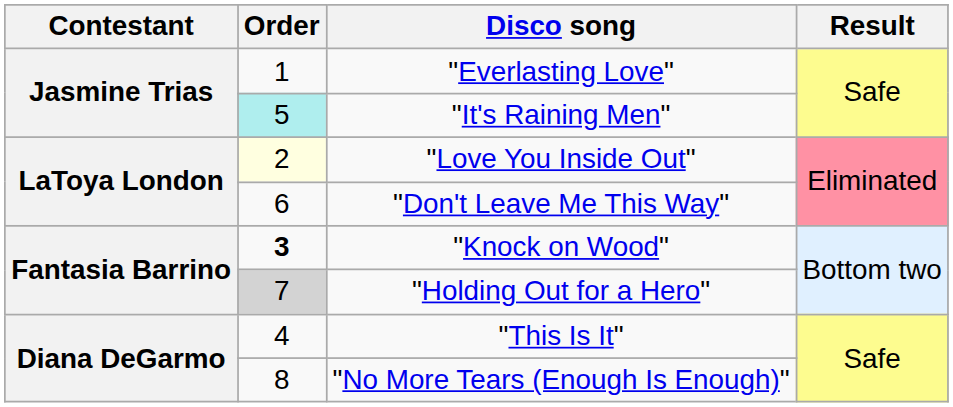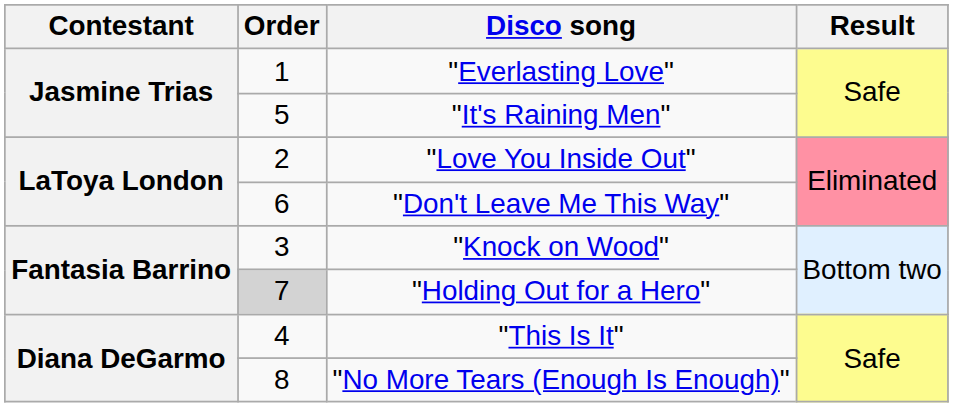 <table class="wikitable unsortable" style="text-align:center;">
 <tr>
 <th scope="col">Contestant</th>
 <th scope="col">Order</th>
 <th scope="col"><a href='#'>Disco</a> song</th>
 <th scope="col">Result</th>
 </tr>
 <tr>
 <th rowspan="2" scope="row">Jasmine Trias</th>
 <td>1</td>
 <td>"<a href='#'>Everlasting Love</a>"</td>
 <td rowspan="2" style="background:#FDFC8F;">Safe</td>
 </tr>
 <tr>
-<td style="background: paleturquoise;">5</td>
+<td>5</td>
 <td>"<a href='#'>It's Raining Men</a>"</td>
 </tr>
 <tr>
 <th rowspan="2" scope="row">LaToya London</th>
-<td style="background: lightyellow;">2</td>
+<td>2</td>
 <td>"<a href='#'>Love You Inside Out</a>"</td>
 <td rowspan="2" bgcolor="FF91A4">Eliminated</td>
 </tr>
 <tr>
 <td>6</td>
 <td>"<a href='#'>Don't Leave Me This Way</a>"</td>
 </tr>
 <tr>
 <th rowspan="2" scope="row">Fantasia Barrino</th>
-<td><strong>3</strong></td>
+<td>3</td>
 <td>"<a href='#'>Knock on Wood</a>"</td>
 <td rowspan="2" bgcolor="E0F0FF">Bottom two</td>
 </tr>
 <tr>
 <td style="background: lightgrey;">7</td>
 <td>"<a href='#'>Holding Out for a Hero</a>"</td>
 </tr>
 <tr>
 <th rowspan="2" scope="row">Diana DeGarmo</th>
 <td>4</td>
 <td>"<a href='#'>This Is It</a>"</td>
 <td rowspan="2" style="background:#FDFC8F;">Safe</td>
 </tr>
 <tr>
 <td>8</td>
 <td>"<a href='#'>No More Tears (Enough Is Enough)</a>"</td>
 </tr>
 </table>
